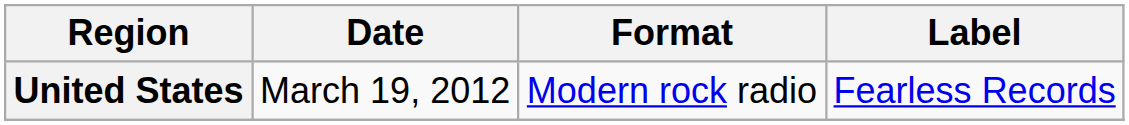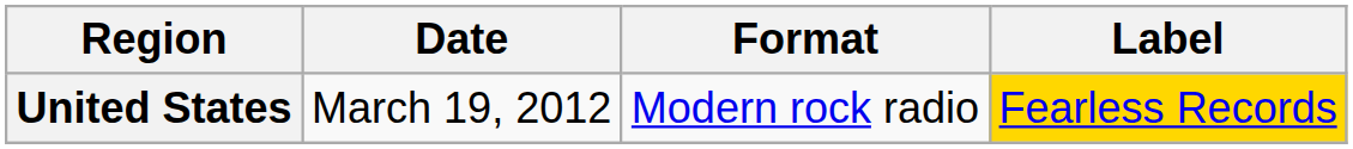 <table class="wikitable plainrowheaders">
 <tr>
 <th>Region</th>
 <th>Date</th>
 <th>Format</th>
 <th>Label</th>
 </tr>
 <tr>
 <th scope="row">United States</th>
 <td>March 19, 2012</td>
 <td><a href='#'>Modern rock</a> radio</td>
-<td><a href='#'>Fearless Records</a></td>
+<td style="background: gold;"><a href='#'>Fearless Records</a></td>
 </tr>
 <tr>
 </tr>
 </table>
